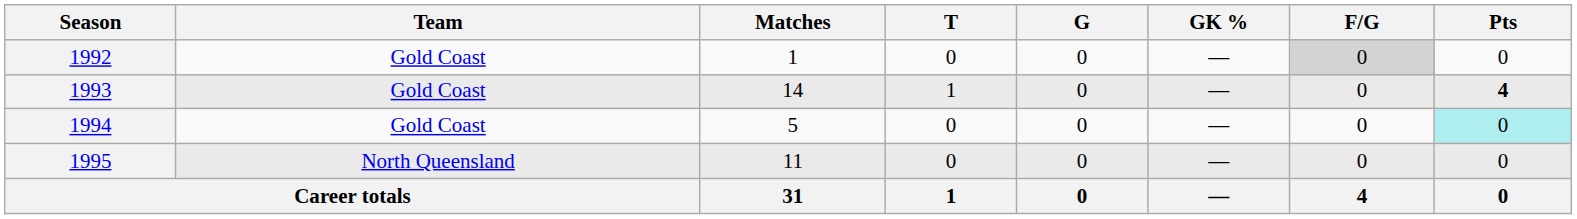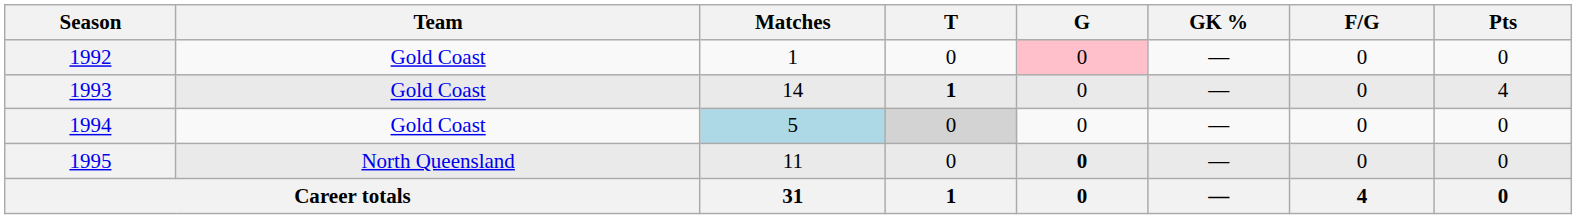 <table class="wikitable sortable"  style="font-size:90%; text-align:center; width:85%;">
 <tr>
 <th width=2%>Season</th>
 <th width=8%>Team</th>
 <th width=2%>Matches</th>
 <th width=2%>T</th>
 <th width=2%>G</th>
 <th width=2%>GK %</th>
 <th width=2%>F/G</th>
 <th width=2%>Pts</th>
 </tr>
 <tr>
 <th scope="row" style="text-align:center; font-weight:normal"><a href='#'>1992</a></th>
 <td style="text-align:center;"> <a href='#'>Gold Coast</a></td>
 <td>1</td>
 <td>0</td>
+<td style="background: pink;">0</td>
+<td>—</td>
 <td>0</td>
-<td>—</td>
-<td style="background: lightgrey;">0</td>
 <td>0</td>
 </tr>
 <tr style="background-color: #EAEAEA">
 <th scope="row" style="text-align:center; font-weight:normal"><a href='#'>1993</a></th>
 <td style="text-align:center;"> <a href='#'>Gold Coast</a></td>
 <td>14</td>
-<td>1</td>
+<td><strong>1</strong></td>
 <td>0</td>
 <td>—</td>
 <td>0</td>
-<td><strong>4</strong></td>
+<td>4</td>
 </tr>
 <tr>
 <th scope="row" style="text-align:center; font-weight:normal"><a href='#'>1994</a></th>
 <td style="text-align:center;"> <a href='#'>Gold Coast</a></td>
-<td>5</td>
-<td>0</td>
+<td style="background: lightblue;">5</td>
+<td style="background: lightgrey;">0</td>
 <td>0</td>
 <td>—</td>
 <td>0</td>
-<td style="background: paleturquoise;">0</td>
+<td>0</td>
 </tr>
 <tr style="background-color: #EAEAEA">
 <th scope="row" style="text-align:center; font-weight:normal"><a href='#'>1995</a></th>
 <td style="text-align:center;"> <a href='#'>North Queensland</a></td>
 <td>11</td>
 <td>0</td>
-<td>0</td>
+<td><strong>0</strong></td>
 <td>—</td>
 <td>0</td>
 <td>0</td>
 </tr>
 <tr class="sortbottom">
 <th colspan=2>Career totals</th>
 <th>31</th>
 <th>1</th>
 <th>0</th>
 <th>—</th>
 <th>4</th>
 <th>0</th>
 </tr>
 </table>
